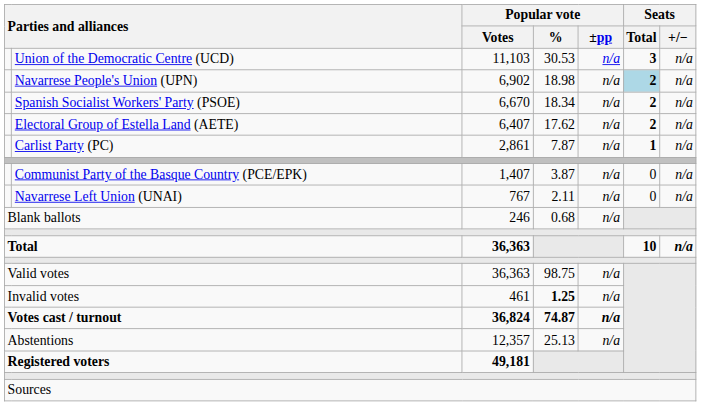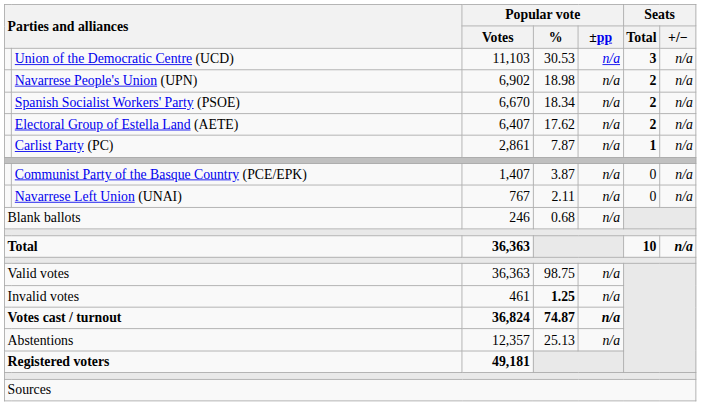 <table class="wikitable" style="text-align:right;">
 <tr>
 <th style="text-align:left;" rowspan="2" colspan="2" width="525">Parties and alliances</th>
 <th colspan="3">Popular vote</th>
 <th colspan="2">Seats</th>
 </tr>
 <tr>
 <th width="75">Votes</th>
 <th width="45">%</th>
 <th width="45">±<a href='#'>pp</a></th>
 <th width="35">Total</th>
 <th width="35">+/−</th>
 </tr>
 <tr>
 <td width="1" style="color:inherit;background:"></td>
 <td align="left"><a href='#'>Union of the Democratic Centre</a> (UCD)</td>
 <td>11,103</td>
 <td>30.53</td>
 <td><em><a href='#'>n/a</a></em></td>
 <td><strong>3</strong></td>
 <td><em>n/a</em></td>
 </tr>
 <tr>
 <td style="color:inherit;background:"></td>
 <td align="left"><a href='#'>Navarrese People's Union</a> (UPN)</td>
 <td>6,902</td>
 <td>18.98</td>
 <td><em>n/a</em></td>
-<td style="background: lightblue;"><strong>2</strong></td>
+<td><strong>2</strong></td>
 <td><em>n/a</em></td>
 </tr>
 <tr>
 <td style="color:inherit;background:"></td>
 <td align="left"><a href='#'>Spanish Socialist Workers' Party</a> (PSOE)</td>
 <td>6,670</td>
 <td>18.34</td>
 <td><em>n/a</em></td>
 <td><strong>2</strong></td>
 <td><em>n/a</em></td>
 </tr>
 <tr>
 <td style="color:inherit;background:"></td>
 <td align="left"><a href='#'>Electoral Group of Estella Land</a> (AETE)</td>
 <td>6,407</td>
 <td>17.62</td>
 <td><em>n/a</em></td>
 <td><strong>2</strong></td>
 <td><em>n/a</em></td>
 </tr>
 <tr>
 <td style="color:inherit;background:"></td>
 <td align="left"><a href='#'>Carlist Party</a> (PC)</td>
 <td>2,861</td>
 <td>7.87</td>
 <td><em>n/a</em></td>
 <td><strong>1</strong></td>
 <td><em>n/a</em></td>
 </tr>
 <tr>
 <td colspan="7" bgcolor="#C0C0C0"></td>
 </tr>
 <tr>
 <td style="color:inherit;background:"></td>
 <td align="left"><a href='#'>Communist Party of the Basque Country</a> (PCE/EPK)</td>
 <td>1,407</td>
 <td>3.87</td>
 <td><em>n/a</em></td>
 <td>0</td>
 <td><em>n/a</em></td>
 </tr>
 <tr>
 <td style="color:inherit;background:"></td>
 <td align="left"><a href='#'>Navarrese Left Union</a> (UNAI)</td>
 <td>767</td>
 <td>2.11</td>
 <td><em>n/a</em></td>
 <td>0</td>
 <td><em>n/a</em></td>
 </tr>
 <tr>
 <td align="left" colspan="2">Blank ballots</td>
 <td>246</td>
 <td>0.68</td>
 <td><em>n/a</em></td>
 <td bgcolor="#E9E9E9" colspan="2"></td>
 </tr>
 <tr>
 <td colspan="7" bgcolor="#E9E9E9"></td>
 </tr>
 <tr style="font-weight:bold;">
 <td align="left" colspan="2">Total</td>
 <td>36,363</td>
 <td bgcolor="#E9E9E9" colspan="2"></td>
 <td>10</td>
 <td><em>n/a</em></td>
 </tr>
 <tr>
 <td colspan="7" bgcolor="#E9E9E9"></td>
 </tr>
 <tr>
 <td align="left" colspan="2">Valid votes</td>
 <td>36,363</td>
 <td>98.75</td>
 <td><em>n/a</em></td>
 <td bgcolor="#E9E9E9" colspan="2" rowspan="5"></td>
 </tr>
 <tr>
 <td align="left" colspan="2">Invalid votes</td>
 <td>461</td>
 <td><strong>1.25</strong></td>
 <td><em>n/a</em></td>
 </tr>
 <tr style="font-weight:bold;">
 <td align="left" colspan="2">Votes cast / turnout</td>
 <td>36,824</td>
 <td>74.87</td>
 <td><em>n/a</em></td>
 </tr>
 <tr>
 <td align="left" colspan="2">Abstentions</td>
 <td>12,357</td>
 <td>25.13</td>
 <td><em>n/a</em></td>
 </tr>
 <tr style="font-weight:bold;">
 <td align="left" colspan="2">Registered voters</td>
 <td>49,181</td>
 <td bgcolor="#E9E9E9" colspan="2"></td>
 </tr>
 <tr>
 <td colspan="7" bgcolor="#E9E9E9"></td>
 </tr>
 <tr>
 <td align="left" colspan="7">Sources</td>
 </tr>
 </table>
